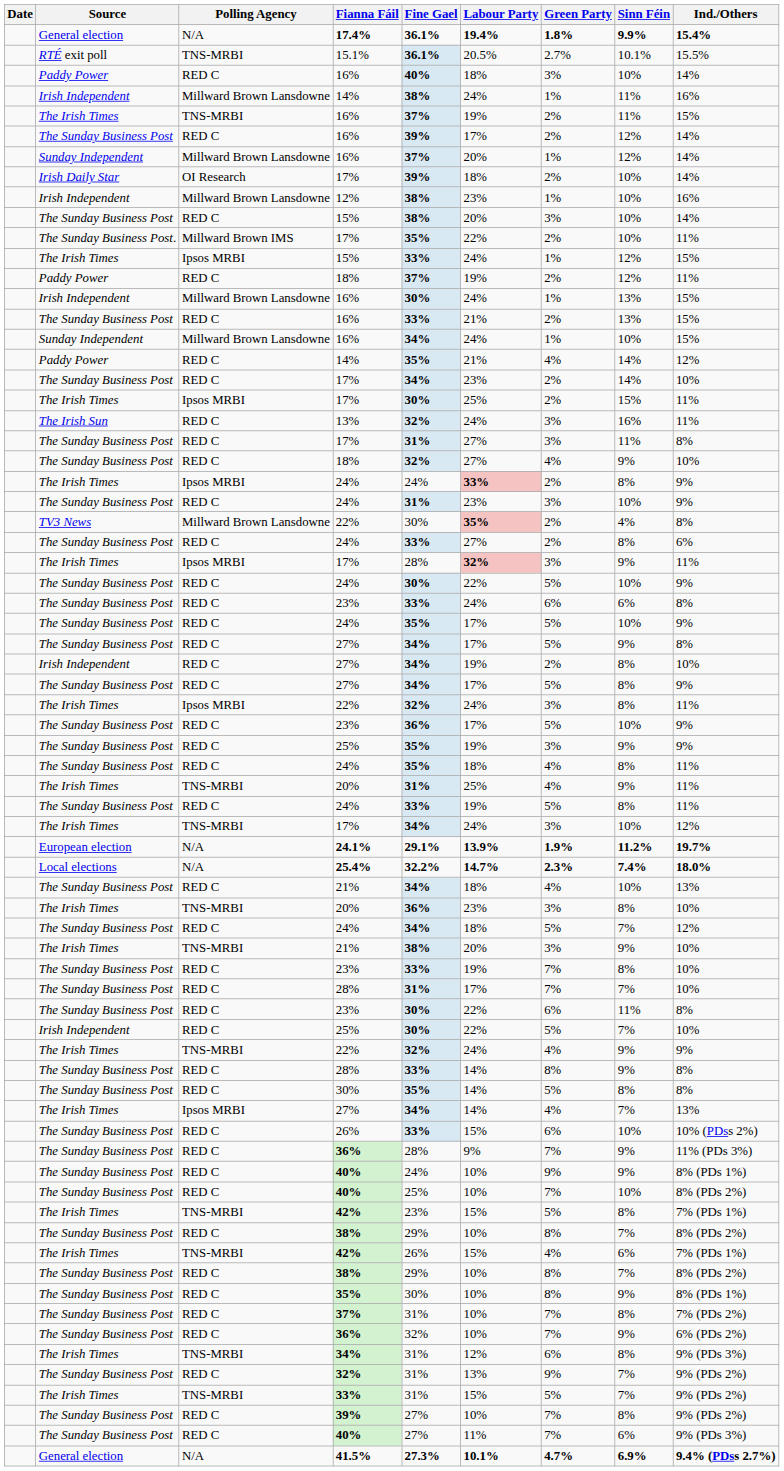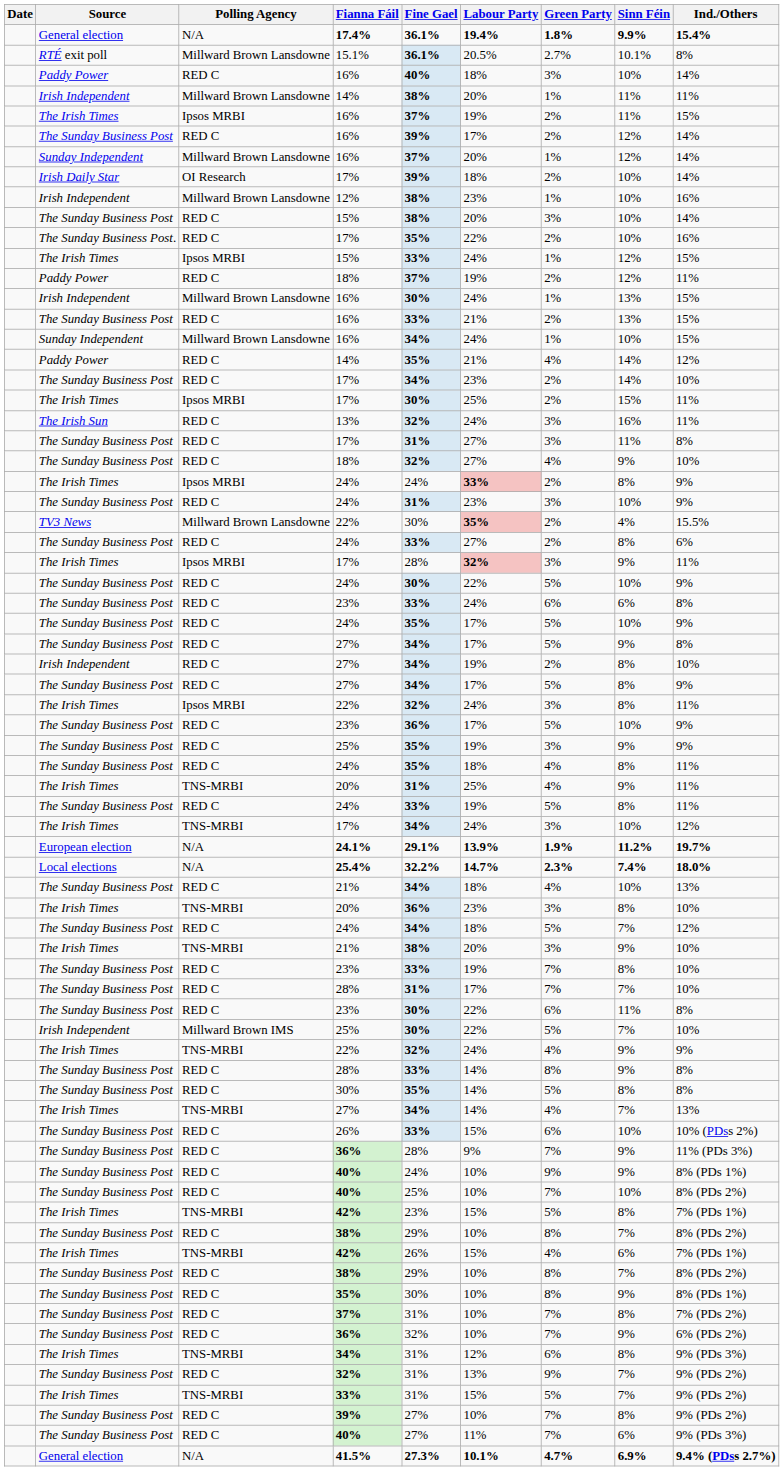 <table class="wikitable sortable">
 <tr>
 <th>Date</th>
 <th class=unsortable>Source</th>
 <th>Polling Agency</th>
 <th style="background:"><a href='#'><span>Fianna Fáil</span></a></th>
 <th style="background:"><a href='#'><span>Fine Gael</span></a></th>
 <th style="background:"><a href='#'><span>Labour Party</span></a></th>
 <th style="background:"><a href='#'><span>Green Party</span></a></th>
 <th style="background:"><a href='#'><span>Sinn Féin</span></a></th>
 <th>Ind./Others</th>
 </tr>
 <tr>
 <td></td>
 <td><a href='#'>General election</a></td>
 <td>N/A</td>
 <td><strong>17.4%</strong></td>
 <td><strong>36.1%</strong></td>
 <td><strong>19.4%</strong></td>
 <td><strong>1.8%</strong></td>
 <td><strong>9.9%</strong></td>
 <td><strong>15.4%</strong></td>
 </tr>
 <tr>
 <td></td>
 <td><em><a href='#'>RTÉ</a></em> exit poll</td>
-<td> TNS-MRBI</td>
+<td>Millward Brown Lansdowne</td>
 <td>15.1%</td>
 <td style="background:#D9E9F4"><strong>36.1%</strong></td>
 <td>20.5%</td>
 <td>2.7%</td>
 <td>10.1%</td>
-<td>15.5%</td>
+<td>8%</td>
 </tr>
 <tr>
 <td></td>
 <td><em><a href='#'>Paddy Power</a></em></td>
 <td>RED C</td>
 <td>16%</td>
 <td style="background:#D9E9F4"><strong>40%</strong></td>
 <td>18%</td>
 <td>3%</td>
 <td>10%</td>
 <td>14%</td>
 </tr>
 <tr>
 <td></td>
 <td><em><a href='#'>Irish Independent</a></em></td>
 <td>Millward Brown Lansdowne</td>
 <td>14%</td>
 <td style="background:#D9E9F4"><strong>38%</strong></td>
-<td>24%</td>
+<td>20%</td>
 <td>1%</td>
 <td>11%</td>
-<td>16%</td>
+<td>11%</td>
 </tr>
 <tr>
 <td></td>
 <td><em><a href='#'>The Irish Times</a></em></td>
-<td> TNS-MRBI</td>
+<td> Ipsos MRBI</td>
 <td>16%</td>
 <td style="background:#D9E9F4"><strong>37%</strong></td>
 <td>19%</td>
 <td>2%</td>
 <td>11%</td>
 <td>15%</td>
 </tr>
 <tr>
 <td></td>
 <td><em><a href='#'>The Sunday Business Post</a></em></td>
 <td>RED C</td>
 <td>16%</td>
 <td style="background:#D9E9F4"><strong>39%</strong></td>
 <td>17%</td>
 <td>2%</td>
 <td>12%</td>
 <td>14%</td>
 </tr>
 <tr>
 <td></td>
 <td><em><a href='#'>Sunday Independent</a></em></td>
 <td>Millward Brown Lansdowne</td>
 <td>16%</td>
 <td style="background:#D9E9F4"><strong>37%</strong></td>
 <td>20%</td>
 <td>1%</td>
 <td>12%</td>
 <td>14%</td>
 </tr>
 <tr>
 <td></td>
 <td><em><a href='#'>Irish Daily Star</a></em></td>
 <td>OI Research</td>
 <td>17%</td>
 <td style="background:#D9E9F4"><strong>39%</strong></td>
 <td>18%</td>
 <td>2%</td>
 <td>10%</td>
 <td>14%</td>
 </tr>
 <tr>
 <td></td>
 <td><em>Irish Independent</em></td>
 <td>Millward Brown Lansdowne</td>
 <td>12%</td>
 <td style="background:#D9E9F4"><strong>38%</strong></td>
 <td>23%</td>
 <td>1%</td>
 <td>10%</td>
 <td>16%</td>
 </tr>
 <tr>
 <td></td>
 <td><em>The Sunday Business Post</em></td>
 <td>RED C</td>
 <td>15%</td>
 <td style="background:#D9E9F4"><strong>38%</strong></td>
 <td>20%</td>
 <td>3%</td>
 <td>10%</td>
 <td>14%</td>
 </tr>
 <tr>
 <td></td>
 <td><em>The Sunday Business Post</em>.</td>
-<td>Millward Brown IMS</td>
+<td>RED C</td>
 <td>17%</td>
 <td style="background:#D9E9F4"><strong>35%</strong></td>
 <td>22%</td>
 <td>2%</td>
 <td>10%</td>
-<td>11%</td>
+<td>16%</td>
 </tr>
 <tr>
 <td></td>
 <td><em>The Irish Times</em></td>
 <td> Ipsos MRBI</td>
 <td>15%</td>
 <td style="background:#D9E9F4"><strong>33%</strong></td>
 <td>24%</td>
 <td>1%</td>
 <td>12%</td>
 <td>15%</td>
 </tr>
 <tr>
 <td></td>
 <td><em>Paddy Power</em></td>
 <td>RED C</td>
 <td>18%</td>
 <td style="background:#D9E9F4"><strong>37%</strong></td>
 <td>19%</td>
 <td>2%</td>
 <td>12%</td>
 <td>11%</td>
 </tr>
 <tr>
 <td></td>
 <td><em>Irish Independent</em></td>
 <td>Millward Brown Lansdowne</td>
 <td>16%</td>
 <td style="background:#D9E9F4"><strong>30%</strong></td>
 <td>24%</td>
 <td>1%</td>
 <td>13%</td>
 <td>15%</td>
 </tr>
 <tr>
 <td></td>
 <td><em>The Sunday Business Post</em></td>
 <td>RED C</td>
 <td>16%</td>
 <td style="background:#D9E9F4"><strong>33%</strong></td>
 <td>21%</td>
 <td>2%</td>
 <td>13%</td>
 <td>15%</td>
 </tr>
 <tr>
 <td></td>
 <td><em>Sunday Independent</em></td>
 <td>Millward Brown Lansdowne</td>
 <td>16%</td>
 <td style="background:#D9E9F4"><strong>34%</strong></td>
 <td>24%</td>
 <td>1%</td>
 <td>10%</td>
 <td>15%</td>
 </tr>
 <tr>
 <td></td>
 <td><em>Paddy Power</em></td>
 <td>RED C</td>
 <td>14%</td>
 <td style="background:#D9E9F4"><strong>35%</strong></td>
 <td>21%</td>
 <td>4%</td>
 <td>14%</td>
 <td>12%</td>
 </tr>
 <tr>
 <td></td>
 <td><em>The Sunday Business Post</em></td>
 <td>RED C</td>
 <td>17%</td>
 <td style="background:#D9E9F4"><strong>34%</strong></td>
 <td>23%</td>
 <td>2%</td>
 <td>14%</td>
 <td>10%</td>
 </tr>
 <tr>
 <td></td>
 <td><em>The Irish Times</em></td>
 <td> Ipsos MRBI</td>
 <td>17%</td>
 <td style="background:#D9E9F4"><strong>30%</strong></td>
 <td>25%</td>
 <td>2%</td>
 <td>15%</td>
 <td>11%</td>
 </tr>
 <tr>
 <td></td>
 <td><em><a href='#'>The Irish Sun</a></em></td>
 <td>RED C</td>
 <td>13%</td>
 <td style="background:#D9E9F4"><strong>32%</strong></td>
 <td>24%</td>
 <td>3%</td>
 <td>16%</td>
 <td>11%</td>
 </tr>
 <tr>
 <td></td>
 <td><em>The Sunday Business Post</em></td>
 <td>RED C</td>
 <td>17%</td>
 <td style="background:#D9E9F4"><strong>31%</strong></td>
 <td>27%</td>
 <td>3%</td>
 <td>11%</td>
 <td>8%</td>
 </tr>
 <tr>
 <td></td>
 <td><em>The Sunday Business Post</em></td>
 <td>RED C</td>
 <td>18%</td>
 <td style="background:#D9E9F4"><strong>32%</strong></td>
 <td>27%</td>
 <td>4%</td>
 <td>9%</td>
 <td>10%</td>
 </tr>
 <tr>
 <td></td>
 <td><em>The Irish Times</em></td>
 <td> Ipsos MRBI</td>
 <td>24%</td>
 <td>24%</td>
 <td style="background:#F5C3C2;"><strong>33%</strong></td>
 <td>2%</td>
 <td>8%</td>
 <td>9%</td>
 </tr>
 <tr>
 <td></td>
 <td><em>The Sunday Business Post</em></td>
 <td>RED C</td>
 <td>24%</td>
 <td style="background:#D9E9F4"><strong>31%</strong></td>
 <td>23%</td>
 <td>3%</td>
 <td>10%</td>
 <td>9%</td>
 </tr>
 <tr>
 <td></td>
 <td><em><a href='#'>TV3 News</a></em></td>
 <td>Millward Brown Lansdowne</td>
 <td>22%</td>
 <td>30%</td>
 <td style="background:#F5C3C2;"><strong>35%</strong></td>
 <td>2%</td>
 <td>4%</td>
-<td>8%</td>
+<td>15.5%</td>
 </tr>
 <tr>
 <td></td>
 <td><em>The Sunday Business Post</em></td>
 <td>RED C</td>
 <td>24%</td>
 <td style="background:#D9E9F4"><strong>33%</strong></td>
 <td>27%</td>
 <td>2%</td>
 <td>8%</td>
 <td>6%</td>
 </tr>
 <tr>
 <td></td>
 <td><em>The Irish Times</em></td>
 <td> Ipsos MRBI</td>
 <td>17%</td>
 <td>28%</td>
 <td style="background:#F5C3C2;"><strong>32%</strong></td>
 <td>3%</td>
 <td>9%</td>
 <td>11%</td>
 </tr>
 <tr>
 <td></td>
 <td><em>The Sunday Business Post</em></td>
 <td>RED C</td>
 <td>24%</td>
 <td style="background:#D9E9F4"><strong>30%</strong></td>
 <td>22%</td>
 <td>5%</td>
 <td>10%</td>
 <td>9%</td>
 </tr>
 <tr>
 <td></td>
 <td><em>The Sunday Business Post</em></td>
 <td>RED C</td>
 <td>23%</td>
 <td style="background:#D9E9F4"><strong>33%</strong></td>
 <td>24%</td>
 <td>6%</td>
 <td>6%</td>
 <td>8%</td>
 </tr>
 <tr>
 <td></td>
 <td><em>The Sunday Business Post</em></td>
 <td>RED C</td>
 <td>24%</td>
 <td style="background:#D9E9F4"><strong>35%</strong></td>
 <td>17%</td>
 <td>5%</td>
 <td>10%</td>
 <td>9%</td>
 </tr>
 <tr>
 <td></td>
 <td><em>The Sunday Business Post</em></td>
 <td>RED C</td>
 <td>27%</td>
 <td style="background:#D9E9F4"><strong>34%</strong></td>
 <td>17%</td>
 <td>5%</td>
 <td>9%</td>
 <td>8%</td>
 </tr>
 <tr>
 <td></td>
 <td><em>Irish Independent</em></td>
 <td>RED C</td>
 <td>27%</td>
 <td style="background:#D9E9F4"><strong>34%</strong></td>
 <td>19%</td>
 <td>2%</td>
 <td>8%</td>
 <td>10%</td>
 </tr>
 <tr>
 <td></td>
 <td><em>The Sunday Business Post</em></td>
 <td>RED C</td>
 <td>27%</td>
 <td style="background:#D9E9F4"><strong>34%</strong></td>
 <td>17%</td>
 <td>5%</td>
 <td>8%</td>
 <td>9%</td>
 </tr>
 <tr>
 <td></td>
 <td><em>The Irish Times</em></td>
 <td> Ipsos MRBI</td>
 <td>22%</td>
 <td style="background:#D9E9F4"><strong>32%</strong></td>
 <td>24%</td>
 <td>3%</td>
 <td>8%</td>
 <td>11%</td>
 </tr>
 <tr>
 <td></td>
 <td><em>The Sunday Business Post</em></td>
 <td>RED C</td>
 <td>23%</td>
 <td style="background:#D9E9F4"><strong>36%</strong></td>
 <td>17%</td>
 <td>5%</td>
 <td>10%</td>
 <td>9%</td>
 </tr>
 <tr>
 <td></td>
 <td><em>The Sunday Business Post</em></td>
 <td>RED C</td>
 <td>25%</td>
 <td style="background:#D9E9F4"><strong>35%</strong></td>
 <td>19%</td>
 <td>3%</td>
 <td>9%</td>
 <td>9%</td>
 </tr>
 <tr>
 <td></td>
 <td><em>The Sunday Business Post</em></td>
 <td>RED C</td>
 <td>24%</td>
 <td style="background:#D9E9F4"><strong>35%</strong></td>
 <td>18%</td>
 <td>4%</td>
 <td>8%</td>
 <td>11%</td>
 </tr>
 <tr>
 <td></td>
 <td><em>The Irish Times</em></td>
 <td> TNS-MRBI</td>
 <td>20%</td>
 <td style="background:#D9E9F4"><strong>31%</strong></td>
 <td>25%</td>
 <td>4%</td>
 <td>9%</td>
 <td>11%</td>
 </tr>
 <tr>
 <td></td>
 <td><em>The Sunday Business Post</em></td>
 <td>RED C</td>
 <td>24%</td>
 <td style="background:#D9E9F4"><strong>33%</strong></td>
 <td>19%</td>
 <td>5%</td>
 <td>8%</td>
 <td>11%</td>
 </tr>
 <tr>
 <td></td>
 <td><em>The Irish Times</em></td>
 <td> TNS-MRBI</td>
 <td>17%</td>
 <td style="background:#D9E9F4"><strong>34%</strong></td>
 <td>24%</td>
 <td>3%</td>
 <td>10%</td>
 <td>12%</td>
 </tr>
 <tr>
 <td></td>
 <td><a href='#'>European election</a></td>
 <td>N/A</td>
 <td><strong>24.1%</strong></td>
 <td><strong>29.1%</strong></td>
 <td><strong>13.9%</strong></td>
 <td><strong>1.9%</strong></td>
 <td><strong>11.2%</strong></td>
 <td><strong>19.7%</strong></td>
 </tr>
 <tr>
 <td></td>
 <td><a href='#'>Local elections</a></td>
 <td>N/A</td>
 <td><strong>25.4%</strong></td>
 <td><strong>32.2%</strong></td>
 <td><strong>14.7%</strong></td>
 <td><strong>2.3%</strong></td>
 <td><strong>7.4%</strong></td>
 <td><strong>18.0%</strong></td>
 </tr>
 <tr>
 <td></td>
 <td><em>The Sunday Business Post</em></td>
 <td>RED C</td>
 <td>21%</td>
 <td style="background:#D9E9F4"><strong>34%</strong></td>
 <td>18%</td>
 <td>4%</td>
 <td>10%</td>
 <td>13%</td>
 </tr>
 <tr>
 <td></td>
 <td><em>The Irish Times</em></td>
 <td> TNS-MRBI</td>
 <td>20%</td>
 <td style="background:#D9E9F4"><strong>36%</strong></td>
 <td>23%</td>
 <td>3%</td>
 <td>8%</td>
 <td>10%</td>
 </tr>
 <tr>
 <td></td>
 <td><em>The Sunday Business Post</em></td>
 <td>RED C</td>
 <td>24%</td>
 <td style="background:#D9E9F4"><strong>34%</strong></td>
 <td>18%</td>
 <td>5%</td>
 <td>7%</td>
 <td>12%</td>
 </tr>
 <tr>
 <td></td>
 <td><em>The Irish Times</em></td>
 <td> TNS-MRBI</td>
 <td>21%</td>
 <td style="background:#D9E9F4"><strong>38%</strong></td>
 <td>20%</td>
 <td>3%</td>
 <td>9%</td>
 <td>10%</td>
 </tr>
 <tr>
 <td></td>
 <td><em>The Sunday Business Post</em></td>
 <td>RED C</td>
 <td>23%</td>
 <td style="background:#D9E9F4"><strong>33%</strong></td>
 <td>19%</td>
 <td>7%</td>
 <td>8%</td>
 <td>10%</td>
 </tr>
 <tr>
 <td></td>
 <td><em>The Sunday Business Post</em></td>
 <td>RED C</td>
 <td>28%</td>
 <td style="background:#D9E9F4"><strong>31%</strong></td>
 <td>17%</td>
 <td>7%</td>
 <td>7%</td>
 <td>10%</td>
 </tr>
 <tr>
 <td></td>
 <td><em>The Sunday Business Post</em></td>
 <td>RED C</td>
 <td>23%</td>
 <td style="background:#D9E9F4"><strong>30%</strong></td>
 <td>22%</td>
 <td>6%</td>
 <td>11%</td>
 <td>8%</td>
 </tr>
 <tr>
 <td></td>
 <td><em>Irish Independent</em></td>
-<td>RED C</td>
+<td>Millward Brown IMS</td>
 <td>25%</td>
 <td style="background:#D9E9F4"><strong>30%</strong></td>
 <td>22%</td>
 <td>5%</td>
 <td>7%</td>
 <td>10%</td>
 </tr>
 <tr>
 <td></td>
 <td><em>The Irish Times</em></td>
 <td> TNS-MRBI</td>
 <td>22%</td>
 <td style="background:#D9E9F4"><strong>32%</strong></td>
 <td>24%</td>
 <td>4%</td>
 <td>9%</td>
 <td>9%</td>
 </tr>
 <tr>
 <td></td>
 <td><em>The Sunday Business Post</em></td>
 <td>RED C</td>
 <td>28%</td>
 <td style="background:#D9E9F4"><strong>33%</strong></td>
 <td>14%</td>
 <td>8%</td>
 <td>9%</td>
 <td>8%</td>
 </tr>
 <tr>
 <td></td>
 <td><em>The Sunday Business Post</em></td>
 <td>RED C</td>
 <td>30%</td>
 <td style="background:#D9E9F4"><strong>35%</strong></td>
 <td>14%</td>
 <td>5%</td>
 <td>8%</td>
 <td>8%</td>
 </tr>
 <tr>
 <td></td>
 <td><em>The Irish Times</em></td>
-<td> Ipsos MRBI</td>
+<td> TNS-MRBI</td>
 <td>27%</td>
 <td style="background:#D9E9F4"><strong>34%</strong></td>
 <td>14%</td>
 <td>4%</td>
 <td>7%</td>
 <td>13%</td>
 </tr>
 <tr>
 <td></td>
 <td><em>The Sunday Business Post</em></td>
 <td>RED C</td>
 <td>26%</td>
 <td style="background:#D9E9F4"><strong>33%</strong></td>
 <td>15%</td>
 <td>6%</td>
 <td>10%</td>
 <td>10% (<a href='#'>PDs</a>s 2%)</td>
 </tr>
 <tr>
 <td></td>
 <td><em>The Sunday Business Post</em></td>
 <td>RED C</td>
 <td style="background:#D3F2D0"><strong>36%</strong></td>
 <td>28%</td>
 <td>9%</td>
 <td>7%</td>
 <td>9%</td>
 <td>11% (PDs 3%)</td>
 </tr>
 <tr>
 <td></td>
 <td><em>The Sunday Business Post</em></td>
 <td>RED C</td>
 <td style="background:#D3F2D0"><strong>40%</strong></td>
 <td>24%</td>
 <td>10%</td>
 <td>9%</td>
 <td>9%</td>
 <td>8% (PDs 1%)</td>
 </tr>
 <tr>
 <td></td>
 <td><em>The Sunday Business Post</em></td>
 <td>RED C</td>
 <td style="background:#D3F2D0"><strong>40%</strong></td>
 <td>25%</td>
 <td>10%</td>
 <td>7%</td>
 <td>10%</td>
 <td>8% (PDs 2%)</td>
 </tr>
 <tr>
 <td></td>
 <td><em>The Irish Times</em></td>
 <td> TNS-MRBI</td>
 <td style="background:#D3F2D0"><strong>42%</strong></td>
 <td>23%</td>
 <td>15%</td>
 <td>5%</td>
 <td>8%</td>
 <td>7% (PDs 1%)</td>
 </tr>
 <tr>
 <td></td>
 <td><em>The Sunday Business Post</em></td>
 <td>RED C</td>
 <td style="background:#D3F2D0"><strong>38%</strong></td>
 <td>29%</td>
 <td>10%</td>
 <td>8%</td>
 <td>7%</td>
 <td>8% (PDs 2%)</td>
 </tr>
 <tr>
 <td></td>
 <td><em>The Irish Times</em></td>
 <td> TNS-MRBI</td>
 <td style="background:#D3F2D0"><strong>42%</strong></td>
 <td>26%</td>
 <td>15%</td>
 <td>4%</td>
 <td>6%</td>
 <td>7% (PDs 1%)</td>
 </tr>
 <tr>
 <td></td>
 <td><em>The Sunday Business Post</em></td>
 <td>RED C</td>
 <td style="background:#D3F2D0"><strong>38%</strong></td>
 <td>29%</td>
 <td>10%</td>
 <td>8%</td>
 <td>7%</td>
 <td>8% (PDs 2%)</td>
 </tr>
 <tr>
 <td></td>
 <td><em>The Sunday Business Post</em></td>
 <td>RED C</td>
 <td style="background:#D3F2D0"><strong>35%</strong></td>
 <td>30%</td>
 <td>10%</td>
 <td>8%</td>
 <td>9%</td>
 <td>8% (PDs 1%)</td>
 </tr>
 <tr>
 <td></td>
 <td><em>The Sunday Business Post</em></td>
 <td>RED C</td>
 <td style="background:#D3F2D0"><strong>37%</strong></td>
 <td>31%</td>
 <td>10%</td>
 <td>7%</td>
 <td>8%</td>
 <td>7% (PDs 2%)</td>
 </tr>
 <tr>
 <td></td>
 <td><em>The Sunday Business Post</em></td>
 <td>RED C</td>
 <td style="background:#D3F2D0"><strong>36%</strong></td>
 <td>32%</td>
 <td>10%</td>
 <td>7%</td>
 <td>9%</td>
 <td>6% (PDs 2%)</td>
 </tr>
 <tr>
 <td></td>
 <td><em>The Irish Times</em></td>
 <td> TNS-MRBI</td>
 <td style="background:#D3F2D0"><strong>34%</strong></td>
 <td>31%</td>
 <td>12%</td>
 <td>6%</td>
 <td>8%</td>
 <td>9% (PDs 3%)</td>
 </tr>
 <tr>
 <td></td>
 <td><em>The Sunday Business Post</em></td>
 <td>RED C</td>
 <td style="background:#D3F2D0"><strong>32%</strong></td>
 <td>31%</td>
 <td>13%</td>
 <td>9%</td>
 <td>7%</td>
 <td>9% (PDs 2%)</td>
 </tr>
 <tr>
 <td></td>
 <td><em>The Irish Times</em></td>
 <td> TNS-MRBI</td>
 <td style="background:#D3F2D0"><strong>33%</strong></td>
 <td>31%</td>
 <td>15%</td>
 <td>5%</td>
 <td>7%</td>
 <td>9% (PDs 2%)</td>
 </tr>
 <tr>
 <td></td>
 <td><em>The Sunday Business Post</em></td>
 <td>RED C</td>
 <td style="background:#D3F2D0"><strong>39%</strong></td>
 <td>27%</td>
 <td>10%</td>
 <td>7%</td>
 <td>8%</td>
 <td>9% (PDs 2%)</td>
 </tr>
 <tr>
 <td></td>
 <td><em>The Sunday Business Post</em></td>
 <td>RED C</td>
 <td style="background:#D3F2D0"><strong>40%</strong></td>
 <td>27%</td>
 <td>11%</td>
 <td>7%</td>
 <td>6%</td>
 <td>9% (PDs 3%)</td>
 </tr>
 <tr>
 <td></td>
 <td><a href='#'>General election</a></td>
 <td>N/A</td>
 <td><strong>41.5%</strong></td>
 <td><strong>27.3%</strong></td>
 <td><strong>10.1%</strong></td>
 <td><strong>4.7%</strong></td>
 <td><strong>6.9%</strong></td>
 <td><strong>9.4% (<a href='#'>PDs</a>s 2.7%)</strong></td>
 </tr>
 </table>
